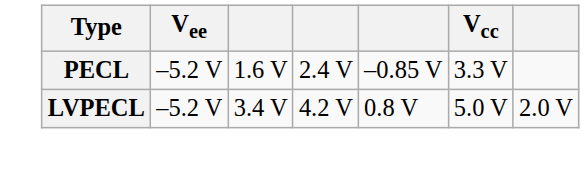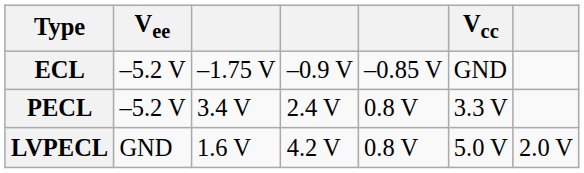 <table class="wikitable" style="float:right; margin-left: 1em;">
 <tr>
 <th>Type</th>
 <th>V<sub>ee</sub></th>
 <th></th>
 <th></th>
 <th></th>
 <th>V<sub>cc</sub></th>
 <th></th>
 </tr>
 <tr>
+<th>ECL</th>
+<td>–5.2 V</td>
+<td>–1.75 V</td>
+<td>–0.9 V</td>
+<td>–0.85 V</td>
+<td>GND</td>
+<td></td>
+</tr>
+<tr>
 <th>PECL</th>
 <td>–5.2 V</td>
-<td>1.6 V</td>
+<td>3.4 V</td>
 <td>2.4 V</td>
-<td>–0.85 V</td>
+<td>0.8 V</td>
 <td>3.3 V</td>
 <td></td>
 </tr>
 <tr>
 <th>LVPECL</th>
-<td>–5.2 V</td>
-<td>3.4 V</td>
+<td>GND</td>
+<td>1.6 V</td>
 <td>4.2 V</td>
 <td>0.8 V</td>
 <td>5.0 V</td>
 <td>2.0 V</td>
 </tr>
 </table>
